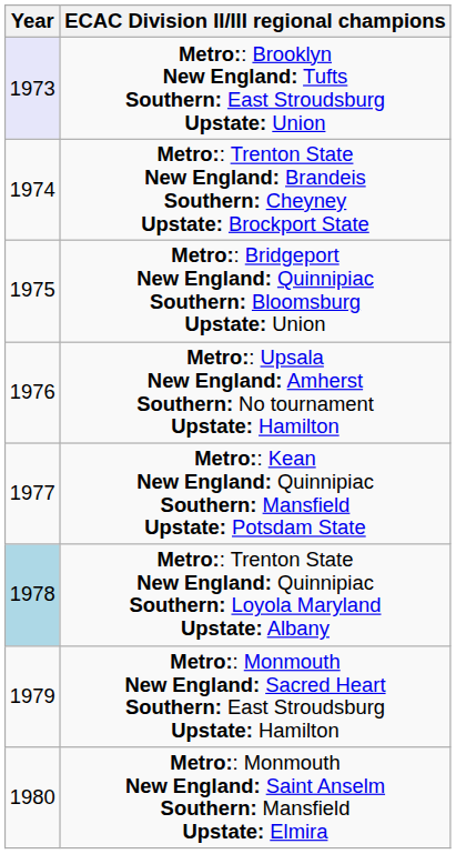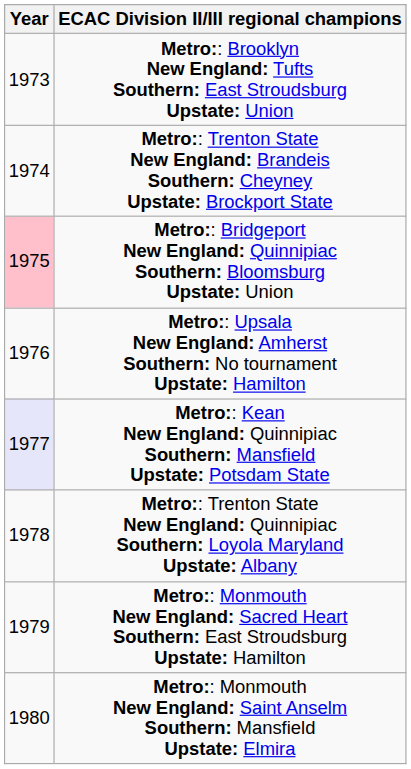 <table class="wikitable" style="text-align:center">
 <tr bgcolor="#CCCCCC">
 <th>Year</th>
 <th>ECAC Division II/III regional champions</th>
 </tr>
 <tr>
-<td style="background: lavender;">1973</td>
+<td>1973</td>
 <td><strong>Metro:</strong>: <a href='#'>Brooklyn</a><br><strong>New England:</strong> <a href='#'>Tufts</a><br><strong>Southern:</strong> <a href='#'>East Stroudsburg</a><br><strong>Upstate:</strong> <a href='#'>Union</a></td>
 </tr>
 <tr>
 <td>1974</td>
 <td><strong>Metro:</strong>: <a href='#'>Trenton State</a><br><strong>New England:</strong> <a href='#'>Brandeis</a><br><strong>Southern:</strong> <a href='#'>Cheyney</a><br><strong>Upstate:</strong> <a href='#'>Brockport State</a></td>
 </tr>
 <tr>
-<td>1975</td>
+<td style="background: pink;">1975</td>
 <td><strong>Metro:</strong>: <a href='#'>Bridgeport</a><br><strong>New England:</strong> <a href='#'>Quinnipiac</a><br><strong>Southern:</strong> <a href='#'>Bloomsburg</a><br><strong>Upstate:</strong> Union</td>
 </tr>
 <tr>
 <td>1976</td>
 <td><strong>Metro:</strong>: <a href='#'>Upsala</a><br><strong>New England:</strong> <a href='#'>Amherst</a><br><strong>Southern:</strong> No tournament<br><strong>Upstate:</strong> <a href='#'>Hamilton</a></td>
 </tr>
 <tr>
-<td>1977</td>
+<td style="background: lavender;">1977</td>
 <td><strong>Metro:</strong>: <a href='#'>Kean</a><br><strong>New England:</strong> Quinnipiac<br><strong>Southern:</strong> <a href='#'>Mansfield</a><br><strong>Upstate:</strong> <a href='#'>Potsdam State</a></td>
 </tr>
 <tr>
-<td style="background: lightblue;">1978</td>
+<td>1978</td>
 <td><strong>Metro:</strong>: Trenton State<br><strong>New England:</strong> Quinnipiac<br><strong>Southern:</strong> <a href='#'>Loyola Maryland</a><br><strong>Upstate:</strong> <a href='#'>Albany</a></td>
 </tr>
 <tr>
 <td>1979</td>
 <td><strong>Metro:</strong>: <a href='#'>Monmouth</a><br><strong>New England:</strong> <a href='#'>Sacred Heart</a><br><strong>Southern:</strong> East Stroudsburg<br><strong>Upstate:</strong> Hamilton</td>
 </tr>
 <tr>
 <td>1980</td>
 <td><strong>Metro:</strong>: Monmouth<br><strong>New England:</strong> <a href='#'>Saint Anselm</a><br><strong>Southern:</strong> Mansfield<br><strong>Upstate:</strong> <a href='#'>Elmira</a></td>
 </tr>
 </table>
